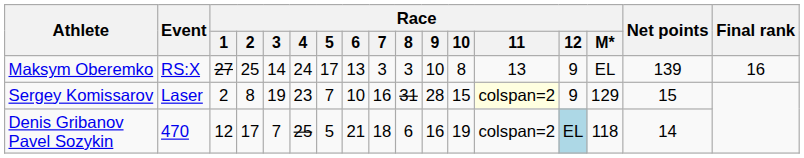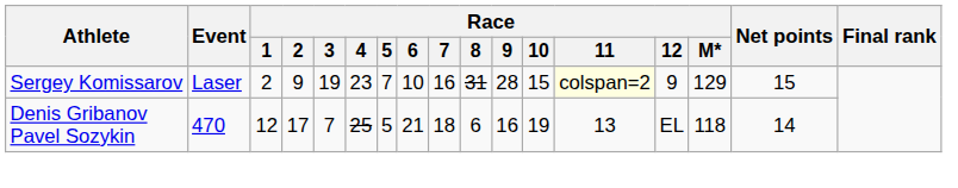 <table class="wikitable" style="font-size:90%">
 <tr>
 <th rowspan="2">Athlete</th>
 <th rowspan="2">Event</th>
 <th colspan=13>Race</th>
 <th rowspan=2>Net points</th>
 <th rowspan=2>Final rank</th>
 </tr>
 <tr style="font-size:95%">
 <th>1</th>
 <th>2</th>
 <th>3</th>
 <th>4</th>
 <th>5</th>
 <th>6</th>
 <th>7</th>
 <th>8</th>
 <th>9</th>
 <th>10</th>
 <th>11</th>
 <th>12</th>
 <th>M*</th>
 </tr>
 <tr align=center>
-<td align=left><a href='#'>Maksym Oberemko</a></td>
-<td align=left><a href='#'>RS:X</a></td>
-<td><s>27</s></td>
-<td>25</td>
-<td>14</td>
-<td>24</td>
-<td>17</td>
-<td>13</td>
-<td>3</td>
-<td>3</td>
-<td>10</td>
-<td>8</td>
-<td>13</td>
-<td>9</td>
-<td>EL</td>
-<td>139</td>
-<td>16</td>
-</tr>
-<tr align=center>
 <td align=left><a href='#'>Sergey Komissarov</a></td>
 <td align=left><a href='#'>Laser</a></td>
 <td>2</td>
-<td>8</td>
+<td>9</td>
 <td>19</td>
 <td>23</td>
 <td>7</td>
 <td>10</td>
 <td>16</td>
 <td><s>31</s></td>
 <td>28</td>
 <td>15</td>
 <td style="background: lightyellow;">colspan=2 </td>
 <td>9</td>
 <td>129</td>
 <td>15</td>
 </tr>
 <tr align=center>
 <td align=left><a href='#'>Denis Gribanov</a><br><a href='#'>Pavel Sozykin</a></td>
 <td align=left><a href='#'>470</a></td>
 <td>12</td>
 <td>17</td>
 <td>7</td>
 <td><s>25</s></td>
 <td>5</td>
 <td>21</td>
 <td>18</td>
 <td>6</td>
 <td>16</td>
 <td>19</td>
-<td>colspan=2 </td>
-<td style="background: lightblue;">EL</td>
+<td>13</td>
+<td>EL</td>
 <td>118</td>
 <td>14</td>
 </tr>
 </table>
